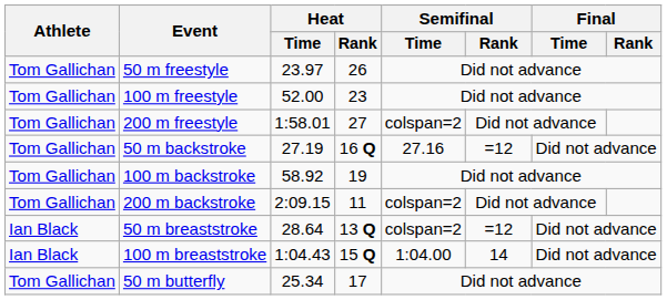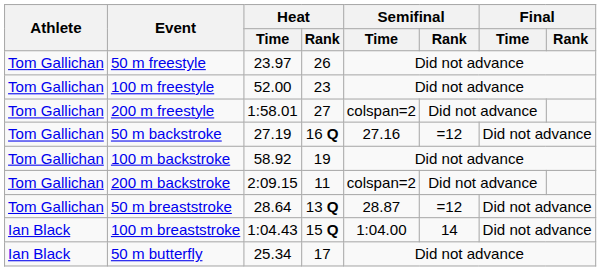 <table class=wikitable style="font-size:90%">
 <tr>
 <th rowspan=2>Athlete</th>
 <th rowspan=2>Event</th>
 <th colspan="2">Heat</th>
 <th colspan="2">Semifinal</th>
 <th colspan="2">Final</th>
 </tr>
 <tr style="font-size:95%">
 <th>Time</th>
 <th>Rank</th>
 <th>Time</th>
 <th>Rank</th>
 <th>Time</th>
 <th>Rank</th>
 </tr>
 <tr align=center>
 <td align=left><a href='#'>Tom Gallichan</a></td>
 <td align=left><a href='#'>50 m freestyle</a></td>
 <td>23.97</td>
 <td>26</td>
 <td colspan=4>Did not advance</td>
 </tr>
 <tr align=center>
 <td align=left><a href='#'>Tom Gallichan</a></td>
 <td align=left><a href='#'>100 m freestyle</a></td>
 <td>52.00</td>
 <td>23</td>
 <td colspan=4>Did not advance</td>
 </tr>
 <tr align=center>
 <td align=left><a href='#'>Tom Gallichan</a></td>
 <td align=left><a href='#'>200 m freestyle</a></td>
 <td>1:58.01</td>
 <td>27</td>
 <td>colspan=2 </td>
 <td colspan=2>Did not advance</td>
 </tr>
 <tr align=center>
 <td align=left><a href='#'>Tom Gallichan</a></td>
 <td align=left><a href='#'>50 m backstroke</a></td>
 <td>27.19</td>
 <td>16 <strong>Q</strong></td>
 <td>27.16</td>
 <td>=12</td>
 <td colspan=2>Did not advance</td>
 </tr>
 <tr align=center>
 <td align=left><a href='#'>Tom Gallichan</a></td>
 <td align=left><a href='#'>100 m backstroke</a></td>
 <td>58.92</td>
 <td>19</td>
 <td colspan=4>Did not advance</td>
 </tr>
 <tr align=center>
 <td align=left><a href='#'>Tom Gallichan</a></td>
 <td align=left><a href='#'>200 m backstroke</a></td>
 <td>2:09.15</td>
 <td>11</td>
 <td>colspan=2 </td>
 <td colspan=2>Did not advance</td>
 </tr>
 <tr align=center>
-<td align=left><a href='#'>Ian Black</a></td>
+<td align=left><a href='#'>Tom Gallichan</a></td>
 <td align=left><a href='#'>50 m breaststroke</a></td>
 <td>28.64</td>
 <td>13 <strong>Q</strong></td>
-<td>colspan=2 </td>
+<td>28.87</td>
 <td>=12</td>
 <td colspan="2">Did not advance</td>
 </tr>
 <tr align=center>
 <td align=left><a href='#'>Ian Black</a></td>
 <td align=left><a href='#'>100 m breaststroke</a></td>
 <td>1:04.43</td>
 <td>15 <strong>Q</strong></td>
 <td>1:04.00</td>
 <td>14</td>
 <td colspan="2">Did not advance</td>
 </tr>
 <tr align=center>
-<td align=left><a href='#'>Tom Gallichan</a></td>
+<td align=left><a href='#'>Ian Black</a></td>
 <td align=left><a href='#'>50 m butterfly</a></td>
 <td>25.34</td>
 <td>17</td>
 <td colspan="4">Did not advance</td>
 </tr>
 </table>
